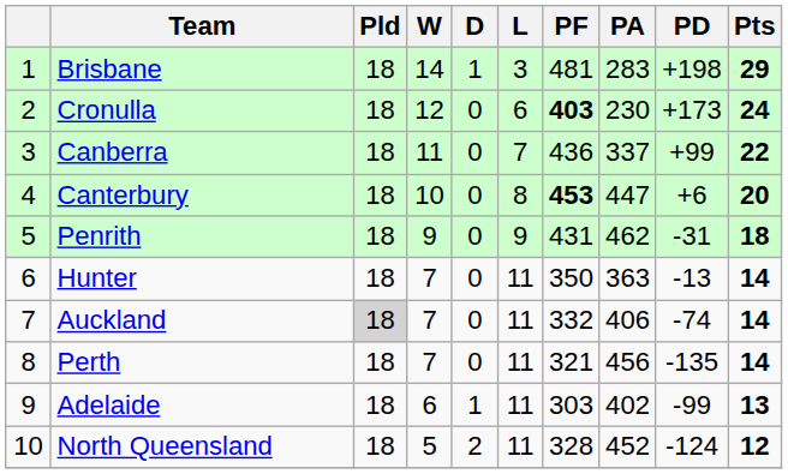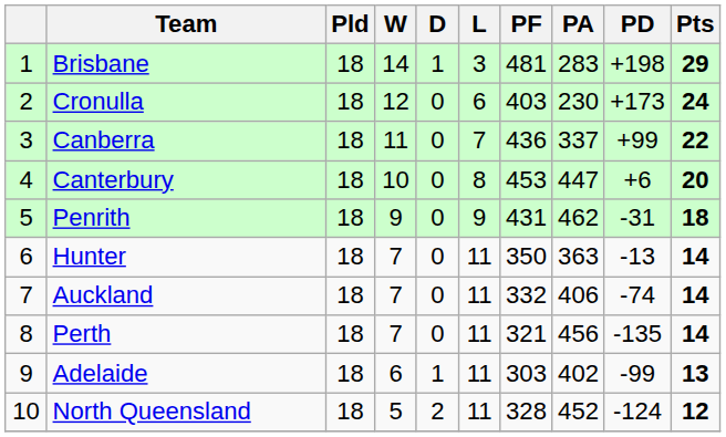 <table class="wikitable" style="text-align:center;">
 <tr>
 <th width=20 abbr="Position"></th>
 <th width=175>Team</th>
 <th width=20 abbr="Played">Pld</th>
 <th width=20 abbr="Won">W</th>
 <th width=20 abbr="Drawn">D</th>
 <th width=20 abbr="Lost">L</th>
 <th width=20 abbr="Points for">PF</th>
 <th width=20 abbr="Points against">PA</th>
 <th width=20 abbr="Points difference">PD</th>
 <th width=20 abbr="Points">Pts</th>
 </tr>
 <tr style="background: #ccffcc;">
 <td>1</td>
 <td style="text-align:left;"> <a href='#'>Brisbane</a></td>
 <td>18</td>
 <td>14</td>
 <td>1</td>
 <td>3</td>
 <td>481</td>
 <td>283</td>
 <td>+198</td>
 <td><strong>29</strong></td>
 </tr>
 <tr style="background: #ccffcc;">
 <td>2</td>
 <td style="text-align:left;"> <a href='#'>Cronulla</a></td>
 <td>18</td>
 <td>12</td>
 <td>0</td>
 <td>6</td>
-<td><strong>403</strong></td>
+<td>403</td>
 <td>230</td>
 <td>+173</td>
 <td><strong>24</strong></td>
 </tr>
 <tr style="background: #ccffcc;">
 <td>3</td>
 <td style="text-align:left;"> <a href='#'>Canberra</a></td>
 <td>18</td>
 <td>11</td>
 <td>0</td>
 <td>7</td>
 <td>436</td>
 <td>337</td>
 <td>+99</td>
 <td><strong>22</strong></td>
 </tr>
 <tr style="background: #ccffcc;">
 <td>4</td>
 <td style="text-align:left;"> <a href='#'>Canterbury</a></td>
 <td>18</td>
 <td>10</td>
 <td>0</td>
 <td>8</td>
-<td><strong>453</strong></td>
+<td>453</td>
 <td>447</td>
 <td>+6</td>
 <td><strong>20</strong></td>
 </tr>
 <tr style="background: #ccffcc;">
 <td>5</td>
 <td style="text-align:left;"> <a href='#'>Penrith</a></td>
 <td>18</td>
 <td>9</td>
 <td>0</td>
 <td>9</td>
 <td>431</td>
 <td>462</td>
 <td>-31</td>
 <td><strong>18</strong></td>
 </tr>
 <tr>
 <td>6</td>
 <td style="text-align:left;"> <a href='#'>Hunter</a></td>
 <td>18</td>
 <td>7</td>
 <td>0</td>
 <td>11</td>
 <td>350</td>
 <td>363</td>
 <td>-13</td>
 <td><strong>14</strong></td>
 </tr>
 <tr>
 <td>7</td>
 <td style="text-align:left;"> <a href='#'>Auckland</a></td>
-<td style="background: lightgrey;">18</td>
+<td>18</td>
 <td>7</td>
 <td>0</td>
 <td>11</td>
 <td>332</td>
 <td>406</td>
 <td>-74</td>
 <td><strong>14</strong></td>
 </tr>
 <tr>
 <td>8</td>
 <td style="text-align:left;"> <a href='#'>Perth</a></td>
 <td>18</td>
 <td>7</td>
 <td>0</td>
 <td>11</td>
 <td>321</td>
 <td>456</td>
 <td>-135</td>
 <td><strong>14</strong></td>
 </tr>
 <tr>
 <td>9</td>
 <td style="text-align:left;"> <a href='#'>Adelaide</a></td>
 <td>18</td>
 <td>6</td>
 <td>1</td>
 <td>11</td>
 <td>303</td>
 <td>402</td>
 <td>-99</td>
 <td><strong>13</strong></td>
 </tr>
 <tr>
 <td>10</td>
 <td style="text-align:left;"> <a href='#'>North Queensland</a></td>
 <td>18</td>
 <td>5</td>
 <td>2</td>
 <td>11</td>
 <td>328</td>
 <td>452</td>
 <td>-124</td>
 <td><strong>12</strong></td>
 </tr>
 <tr>
 </tr>
 </table>
